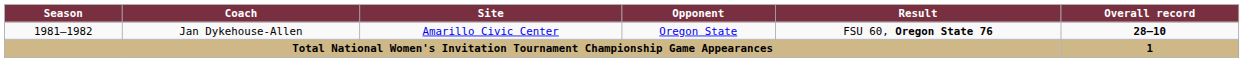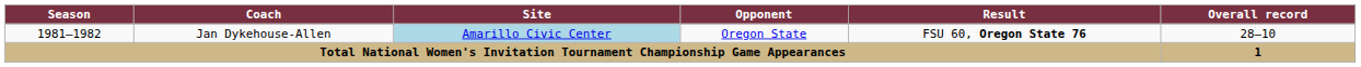 <table cellpadding="1" style="width:75%;" class="wikitable">
 <tr>
 <th style="background:#782F40; color:white;">Season</th>
 <th style="background:#782F40; color:white;">Coach</th>
 <th style="background:#782F40; color:white;">Site</th>
 <th style="background:#782F40; color:white;">Opponent</th>
 <th style="background:#782F40; color:white;">Result</th>
 <th style="background:#782F40; color:white;">Overall record</th>
 </tr>
 <tr style="text-align:center;">
 <td>1981–1982</td>
 <td>Jan Dykehouse-Allen</td>
-<td><a href='#'>Amarillo Civic Center</a></td>
+<td style="background: lightblue;"><a href='#'>Amarillo Civic Center</a></td>
 <td><a href='#'>Oregon State</a></td>
 <td>FSU 60, <strong>Oregon State 76</strong></td>
-<td><strong>28–10</strong></td>
+<td>28–10</td>
 </tr>
 <tr style="text-align:center;" class="sortbottom">
 <th colspan="5;" style="background:#CEB888; color:black;">Total National Women's Invitation Tournament Championship Game Appearances</th>
 <th colspan="1;" style="background:#CEB888; color:black;">1</th>
 </tr>
 </table>
